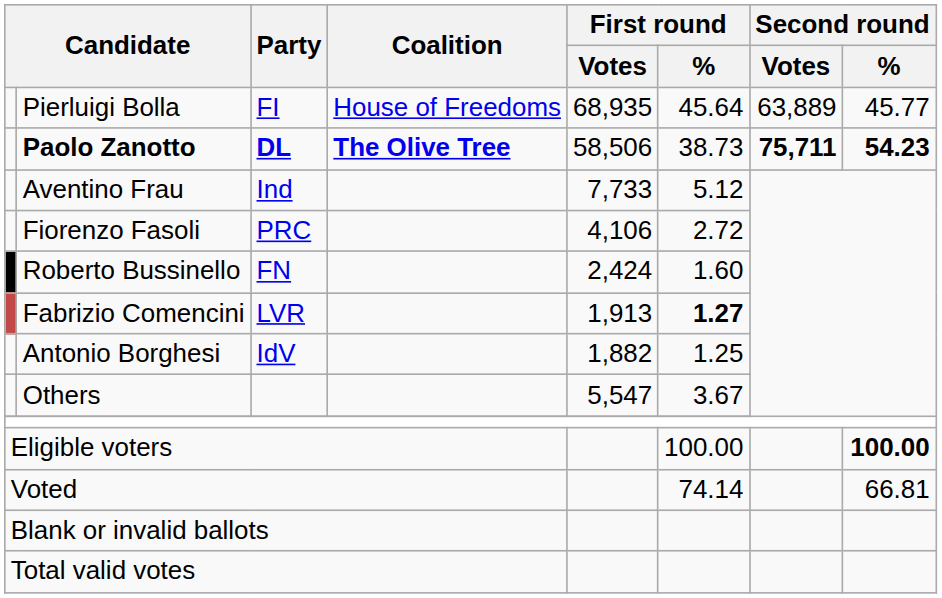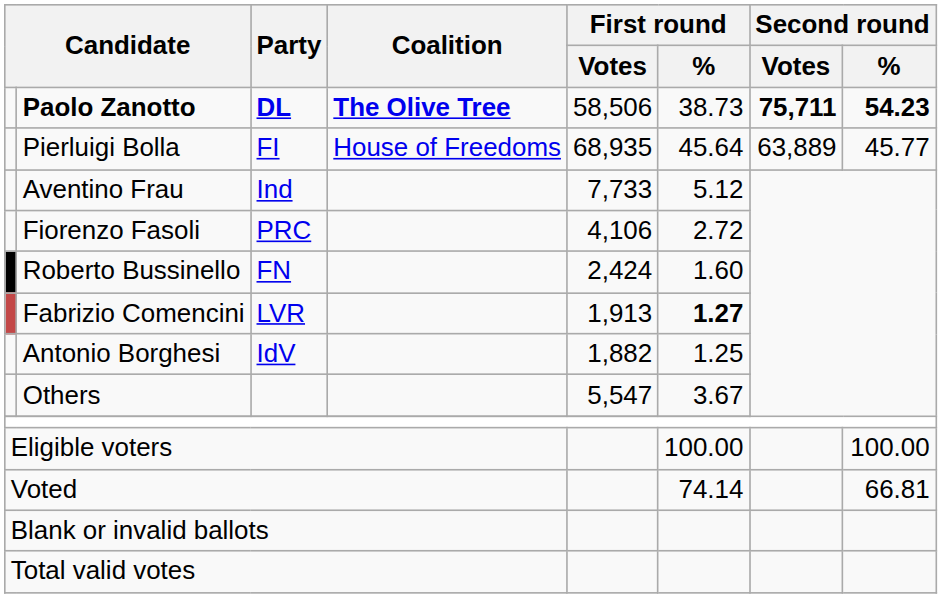 <table class="wikitable centre">
 <tr>
 <th scope="col" rowspan=2 colspan=2>Candidate</th>
 <th scope="col" rowspan=2 colspan=1>Party</th>
 <th scope="col" rowspan=2 colspan=1>Coalition</th>
 <th scope="col" colspan=2>First round</th>
 <th scope="col" colspan=2>Second round</th>
 </tr>
 <tr>
 <th scope="col">Votes</th>
 <th scope="col">%</th>
 <th scope="col">Votes</th>
 <th scope="col">%</th>
 </tr>
 <tr>
 <td></td>
+<td><strong>Paolo Zanotto</strong></td>
+<td><strong><a href='#'>DL</a></strong></td>
+<td><strong><a href='#'>The Olive Tree</a></strong></td>
+<td style="text-align: right">58,506</td>
+<td style="text-align: right">38.73</td>
+<td style="text-align: right"><strong>75,711</strong></td>
+<td style="text-align: right"><strong>54.23</strong></td>
+</tr>
+<tr>
+<td></td>
 <td>Pierluigi Bolla</td>
 <td><a href='#'>FI</a></td>
 <td><a href='#'>House of Freedoms</a></td>
 <td style="text-align: right">68,935</td>
 <td style="text-align: right">45.64</td>
 <td style="text-align: right">63,889</td>
 <td style="text-align: right">45.77</td>
-</tr>
-<tr>
-<td></td>
-<td><strong>Paolo Zanotto</strong></td>
-<td><strong><a href='#'>DL</a></strong></td>
-<td><strong><a href='#'>The Olive Tree</a></strong></td>
-<td style="text-align: right">58,506</td>
-<td style="text-align: right">38.73</td>
-<td style="text-align: right"><strong>75,711</strong></td>
-<td style="text-align: right"><strong>54.23</strong></td>
 </tr>
 <tr>
 <td bgcolor=""></td>
 <td>Aventino Frau</td>
 <td><a href='#'>Ind</a></td>
 <td></td>
 <td style="text-align: right">7,733</td>
 <td style="text-align: right">5.12</td>
 </tr>
 <tr>
 <td></td>
 <td>Fiorenzo Fasoli</td>
 <td><a href='#'>PRC</a></td>
 <td></td>
 <td style="text-align: right">4,106</td>
 <td style="text-align: right">2.72</td>
 </tr>
 <tr>
 <td bgcolor="black"></td>
 <td>Roberto Bussinello</td>
 <td><a href='#'>FN</a></td>
 <td></td>
 <td style="text-align: right">2,424</td>
 <td style="text-align: right">1.60</td>
 </tr>
 <tr>
 <td bgcolor="#C34848"></td>
 <td>Fabrizio Comencini</td>
 <td><a href='#'>LVR</a></td>
 <td></td>
 <td style="text-align: right">1,913</td>
 <td style="text-align: right"><strong>1.27</strong></td>
 </tr>
 <tr>
 <td></td>
 <td>Antonio Borghesi</td>
 <td><a href='#'>IdV</a></td>
 <td></td>
 <td style="text-align: right">1,882</td>
 <td style="text-align: right">1.25</td>
 </tr>
 <tr>
 <td bgcolor=""></td>
 <td>Others</td>
 <td></td>
 <td></td>
 <td style="text-align: right">5,547</td>
 <td style="text-align: right">3.67</td>
 </tr>
 <tr>
 </tr>
 <tr bgcolor=white>
 <td colspan=8></td>
 </tr>
 <tr>
 <td colspan=4>Eligible voters</td>
 <td style="text-align: right"></td>
 <td style="text-align: right">100.00</td>
 <td style="text-align: right"></td>
-<td style="text-align: right"><strong>100.00</strong></td>
+<td style="text-align: right">100.00</td>
 </tr>
 <tr>
 <td colspan=4>Voted</td>
 <td style="text-align: right"></td>
 <td style="text-align: right">74.14</td>
 <td style="text-align: right"></td>
 <td style="text-align: right">66.81</td>
 </tr>
 <tr>
 <td colspan=4>Blank or invalid ballots</td>
 <td style="text-align: right"></td>
 <td style="text-align: right"></td>
 <td style="text-align: right"></td>
 <td style="text-align: right"></td>
 </tr>
 <tr>
 <td colspan=4>Total valid votes</td>
 <td style="text-align: right"></td>
 <td style="text-align: right"></td>
 <td style="text-align: right"></td>
 <td style="text-align: right"></td>
 </tr>
 </table>
